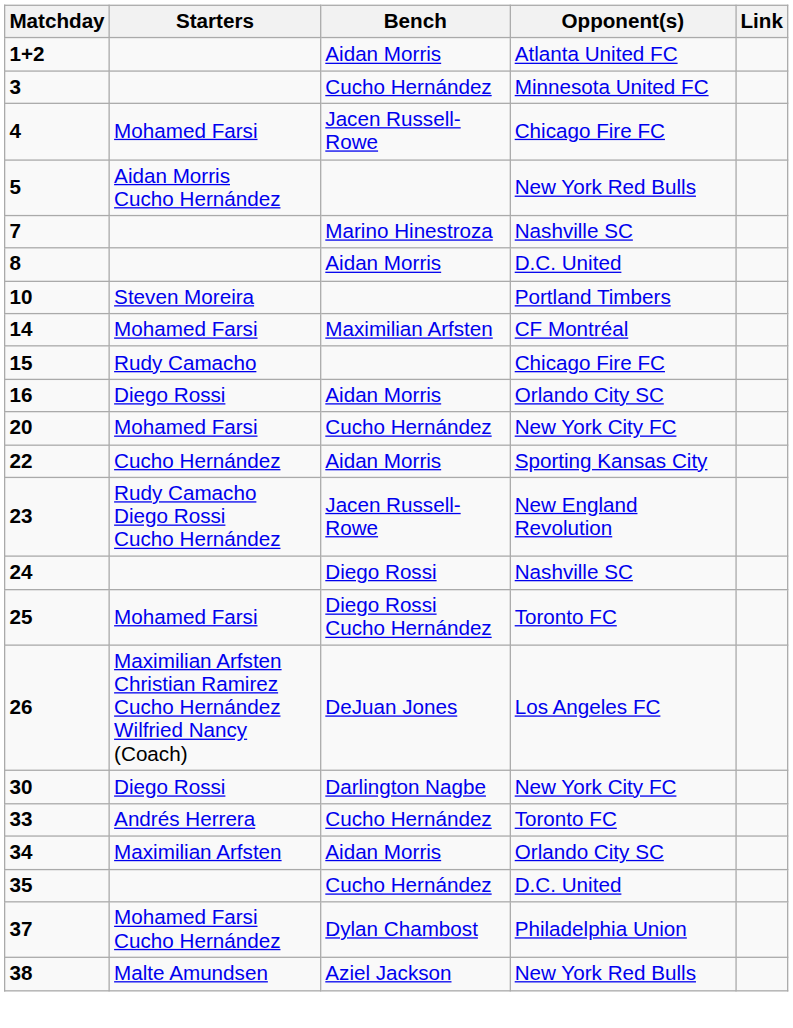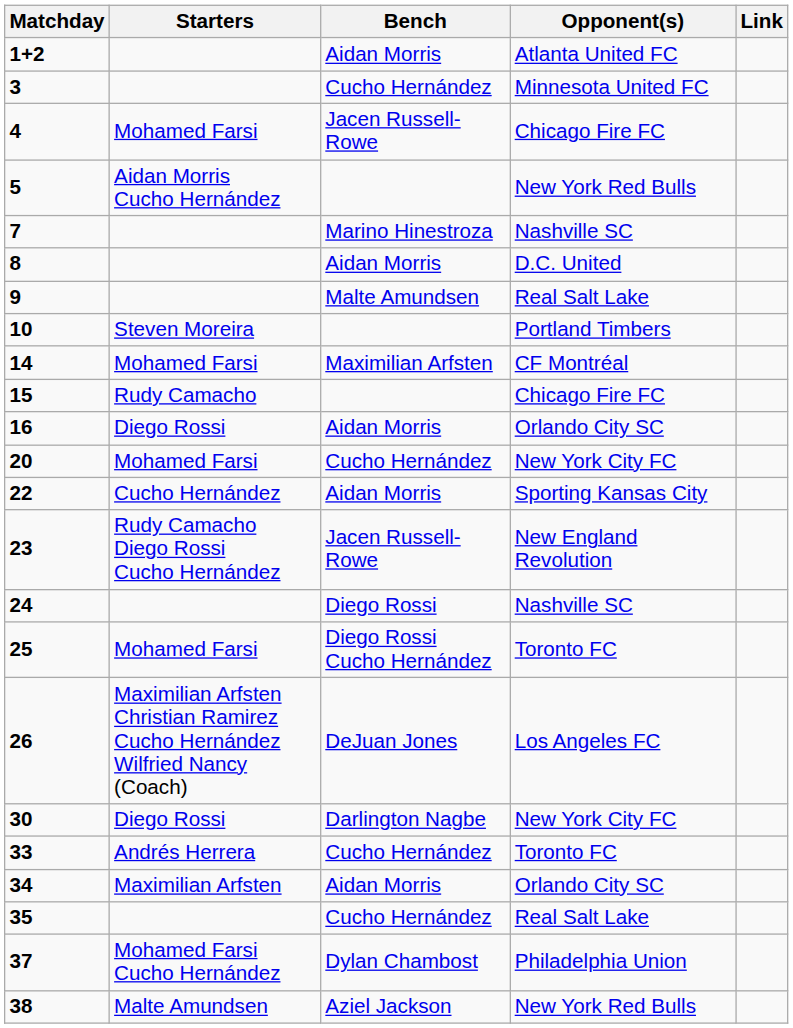 <table class=wikitable style="display:inline-table;">
 <tr>
 <th>Matchday</th>
 <th>Starters</th>
 <th>Bench</th>
 <th>Opponent(s)</th>
 <th>Link</th>
 </tr>
 <tr>
 <td><strong>1+2</strong></td>
 <td></td>
 <td> <a href='#'>Aidan Morris</a></td>
 <td> <a href='#'>Atlanta United FC</a></td>
 <td></td>
 </tr>
 <tr>
 <td><strong>3</strong></td>
 <td></td>
 <td> <a href='#'>Cucho Hernández</a></td>
 <td> <a href='#'>Minnesota United FC</a></td>
 <td></td>
 </tr>
 <tr>
 <td><strong>4</strong></td>
 <td> <a href='#'>Mohamed Farsi</a></td>
 <td> <a href='#'>Jacen Russell-Rowe</a></td>
 <td> <a href='#'>Chicago Fire FC</a></td>
 <td></td>
 </tr>
 <tr>
 <td><strong>5</strong></td>
 <td> <a href='#'>Aidan Morris</a><br> <a href='#'>Cucho Hernández</a></td>
 <td></td>
 <td> <a href='#'>New York Red Bulls</a></td>
 <td></td>
 </tr>
 <tr>
 <td><strong>7</strong></td>
 <td></td>
 <td> <a href='#'>Marino Hinestroza</a></td>
 <td> <a href='#'>Nashville SC</a></td>
 <td></td>
 </tr>
 <tr>
 <td><strong>8</strong></td>
 <td></td>
 <td> <a href='#'>Aidan Morris</a></td>
 <td> <a href='#'>D.C. United</a></td>
+<td></td>
+</tr>
+<tr>
+<td><strong>9</strong></td>
+<td></td>
+<td> <a href='#'>Malte Amundsen</a></td>
+<td> <a href='#'>Real Salt Lake</a></td>
 <td></td>
 </tr>
 <tr>
 <td><strong>10</strong></td>
 <td> <a href='#'>Steven Moreira</a></td>
 <td></td>
 <td> <a href='#'>Portland Timbers</a></td>
 <td></td>
 </tr>
 <tr>
 <td><strong>14</strong></td>
 <td> <a href='#'>Mohamed Farsi</a></td>
 <td> <a href='#'>Maximilian Arfsten</a></td>
 <td> <a href='#'>CF Montréal</a></td>
 <td></td>
 </tr>
 <tr>
 <td><strong>15</strong></td>
 <td> <a href='#'>Rudy Camacho</a></td>
 <td></td>
 <td> <a href='#'>Chicago Fire FC</a></td>
 <td></td>
 </tr>
 <tr>
 <td><strong>16</strong></td>
 <td> <a href='#'>Diego Rossi</a></td>
 <td> <a href='#'>Aidan Morris</a></td>
 <td> <a href='#'>Orlando City SC</a></td>
 <td></td>
 </tr>
 <tr>
 <td><strong>20</strong></td>
 <td> <a href='#'>Mohamed Farsi</a></td>
 <td> <a href='#'>Cucho Hernández</a></td>
 <td> <a href='#'>New York City FC</a></td>
 <td></td>
 </tr>
 <tr>
 <td><strong>22</strong></td>
 <td> <a href='#'>Cucho Hernández</a></td>
 <td> <a href='#'>Aidan Morris</a></td>
 <td> <a href='#'>Sporting Kansas City</a></td>
 <td></td>
 </tr>
 <tr>
 <td><strong>23</strong></td>
 <td> <a href='#'>Rudy Camacho</a><br> <a href='#'>Diego Rossi</a><br> <a href='#'>Cucho Hernández</a></td>
 <td> <a href='#'>Jacen Russell-Rowe</a></td>
 <td> <a href='#'>New England Revolution</a></td>
 <td></td>
 </tr>
 <tr>
 <td><strong>24</strong></td>
 <td></td>
 <td> <a href='#'>Diego Rossi</a></td>
 <td> <a href='#'>Nashville SC</a></td>
 <td></td>
 </tr>
 <tr>
 <td><strong>25</strong></td>
 <td> <a href='#'>Mohamed Farsi</a></td>
 <td> <a href='#'>Diego Rossi</a><br> <a href='#'>Cucho Hernández</a></td>
 <td> <a href='#'>Toronto FC</a></td>
 <td></td>
 </tr>
 <tr>
 <td><strong>26</strong></td>
 <td> <a href='#'>Maximilian Arfsten</a><br> <a href='#'>Christian Ramirez</a><br> <a href='#'>Cucho Hernández</a><br> <a href='#'>Wilfried Nancy</a> (Coach)</td>
 <td> <a href='#'>DeJuan Jones</a></td>
 <td> <a href='#'>Los Angeles FC</a></td>
 <td></td>
 </tr>
 <tr>
 <td><strong>30</strong></td>
 <td> <a href='#'>Diego Rossi</a></td>
 <td> <a href='#'>Darlington Nagbe</a></td>
 <td> <a href='#'>New York City FC</a></td>
 <td></td>
 </tr>
 <tr>
 <td><strong>33</strong></td>
 <td> <a href='#'>Andrés Herrera</a></td>
 <td> <a href='#'>Cucho Hernández</a></td>
 <td> <a href='#'>Toronto FC</a></td>
 <td></td>
 </tr>
 <tr>
 <td><strong>34</strong></td>
 <td> <a href='#'>Maximilian Arfsten</a></td>
 <td> <a href='#'>Aidan Morris</a></td>
 <td> <a href='#'>Orlando City SC</a></td>
 <td></td>
 </tr>
 <tr>
 <td><strong>35</strong></td>
 <td></td>
 <td> <a href='#'>Cucho Hernández</a></td>
-<td> <a href='#'>D.C. United</a></td>
+<td> <a href='#'>Real Salt Lake</a></td>
 <td></td>
 </tr>
 <tr>
 <td><strong>37</strong></td>
 <td> <a href='#'>Mohamed Farsi</a><br> <a href='#'>Cucho Hernández</a></td>
 <td> <a href='#'>Dylan Chambost</a></td>
 <td> <a href='#'>Philadelphia Union</a></td>
 <td></td>
 </tr>
 <tr>
 <td><strong>38</strong></td>
 <td> <a href='#'>Malte Amundsen</a></td>
 <td> <a href='#'>Aziel Jackson</a></td>
 <td> <a href='#'>New York Red Bulls</a></td>
 <td></td>
 </tr>
 </table>
